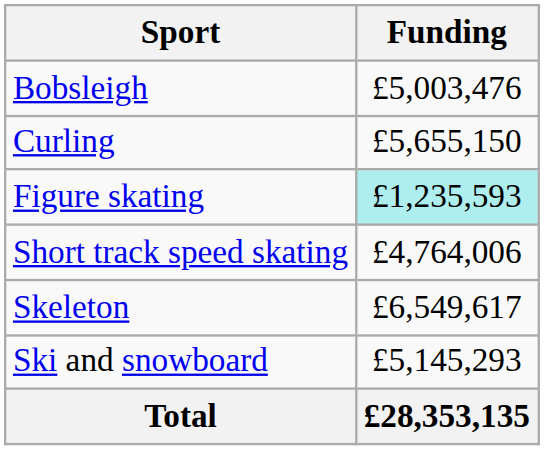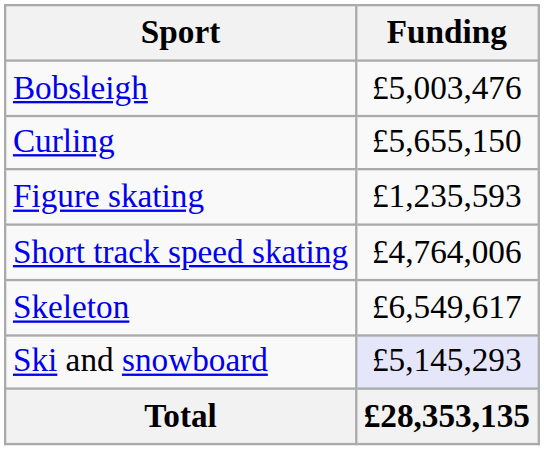 <table class="wikitable sortable" style="font-size:90%; text-align:centre;">
 <tr>
 <th>Sport</th>
 <th>Funding</th>
 </tr>
 <tr>
 <td><a href='#'>Bobsleigh</a></td>
 <td style="text-align:center;">£5,003,476</td>
 </tr>
 <tr>
 <td><a href='#'>Curling</a></td>
 <td style="text-align:center;">£5,655,150</td>
 </tr>
 <tr>
 <td><a href='#'>Figure skating</a></td>
-<td style="background: paleturquoise; text-align:center;">£1,235,593</td>
+<td style="text-align:center;">£1,235,593</td>
 </tr>
 <tr>
 <td><a href='#'>Short track speed skating</a></td>
 <td style="text-align:center;">£4,764,006</td>
 </tr>
 <tr>
 <td><a href='#'>Skeleton</a></td>
 <td style="text-align:center;">£6,549,617</td>
 </tr>
 <tr>
 <td><a href='#'>Ski</a> and <a href='#'>snowboard</a></td>
-<td style="text-align:center;">£5,145,293</td>
+<td style="background: lavender; text-align:center;">£5,145,293</td>
 </tr>
 <tr class="sortbottom">
 <th>Total</th>
 <th style="text-align:center;">£28,353,135</th>
 </tr>
 </table>
